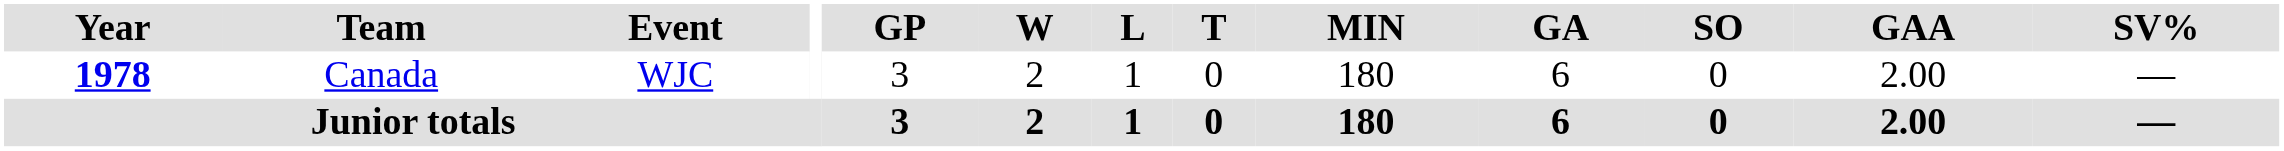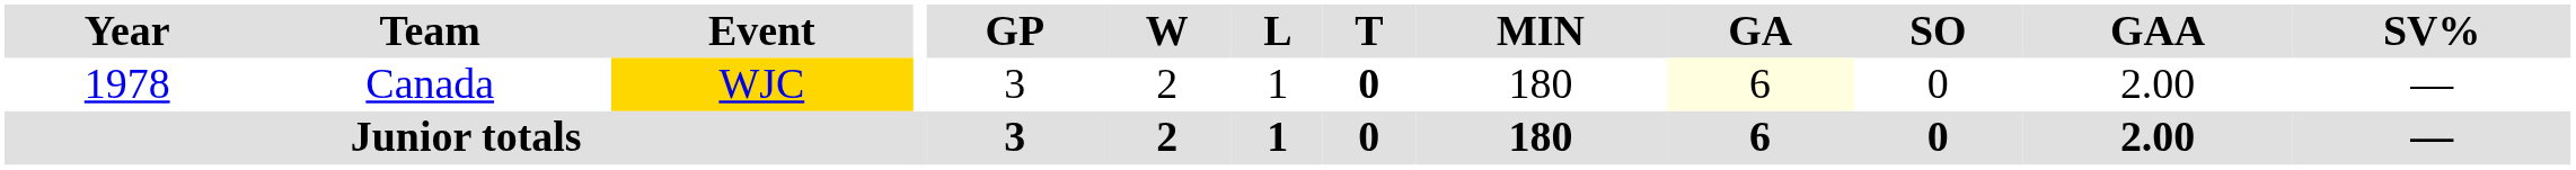 <table border="0" cellpadding="1" cellspacing="0" ID="Table3" style="text-align:center; width:60em">
 <tr ALIGN="center" bgcolor="#e0e0e0">
 <th>Year</th>
 <th>Team</th>
 <th>Event</th>
 <th rowspan="99" bgcolor="#ffffff"></th>
 <th>GP</th>
 <th>W</th>
 <th>L</th>
 <th>T</th>
 <th>MIN</th>
 <th>GA</th>
 <th>SO</th>
 <th>GAA</th>
 <th>SV%</th>
 </tr>
 <tr>
-<td><strong><a href='#'>1978</a></strong></td>
+<td><a href='#'>1978</a></td>
 <td><a href='#'>Canada</a></td>
-<td><a href='#'>WJC</a></td>
+<td style="background: gold;"><a href='#'>WJC</a></td>
 <td>3</td>
 <td>2</td>
 <td>1</td>
-<td>0</td>
+<td><strong>0</strong></td>
 <td>180</td>
-<td>6</td>
+<td style="background: lightyellow;">6</td>
 <td>0</td>
 <td>2.00</td>
 <td>—</td>
 </tr>
 <tr bgcolor="#e0e0e0">
 <th colspan=4>Junior totals</th>
 <th>3</th>
 <th>2</th>
 <th>1</th>
 <th>0</th>
 <th>180</th>
 <th>6</th>
 <th>0</th>
 <th>2.00</th>
 <th>—</th>
 </tr>
 </table>
